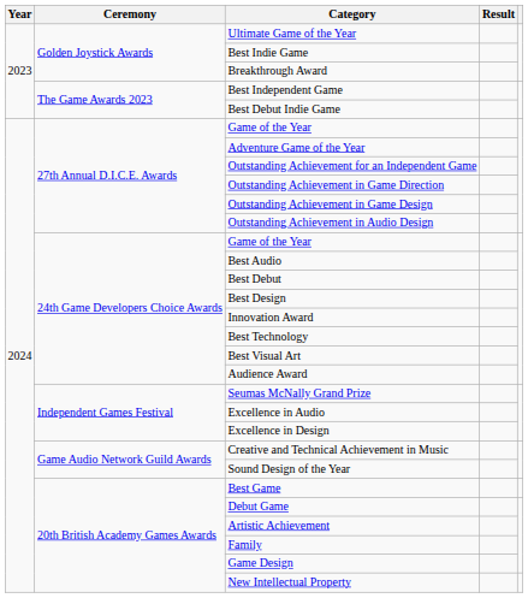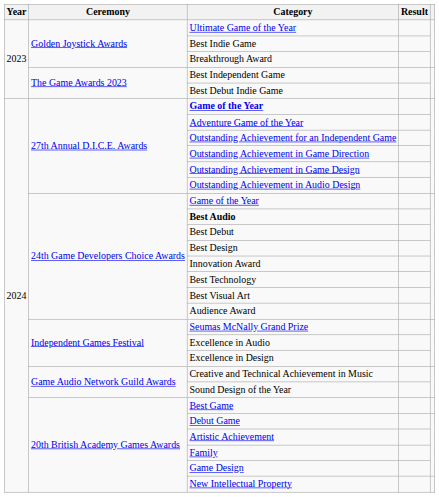 <table class="wikitable plainrowheaders sortable" width="auto">
 <tr>
 <th scope="col">Year</th>
 <th scope="col">Ceremony</th>
 <th scope="col">Category</th>
 <th scope="col">Result</th>
 <th scope="col" class="unsortable"></th>
 </tr>
 <tr>
 <td style="text-align:center;" rowspan="5">2023</td>
 <td rowspan="3"><a href='#'>Golden Joystick Awards</a></td>
 <td><a href='#'>Ultimate Game of the Year</a></td>
 <td></td>
 <td style="text-align:center;" rowspan="3"></td>
 </tr>
 <tr>
 <td>Best Indie Game</td>
 <td></td>
 </tr>
 <tr>
 <td>Breakthrough Award</td>
 <td></td>
 </tr>
 <tr>
 <td rowspan="2"><a href='#'>The Game Awards 2023</a></td>
 <td>Best Independent Game</td>
 <td></td>
 <td style="text-align:center;" rowspan="2"></td>
 </tr>
 <tr>
 <td>Best Debut Indie Game</td>
 <td></td>
 </tr>
 <tr>
 <td style="text-align:center;" rowspan="25">2024</td>
 <td rowspan="6"><a href='#'>27th Annual D.I.C.E. Awards</a></td>
-<td><a href='#'>Game of the Year</a></td>
+<td><strong><a href='#'>Game of the Year</a></strong></td>
 <td></td>
 <td style="text-align:center;" rowspan="6"></td>
 </tr>
 <tr>
 <td><a href='#'>Adventure Game of the Year</a></td>
 <td></td>
 </tr>
 <tr>
 <td><a href='#'>Outstanding Achievement for an Independent Game</a></td>
 <td></td>
 </tr>
 <tr>
 <td><a href='#'>Outstanding Achievement in Game Direction</a></td>
 <td></td>
 </tr>
 <tr>
 <td><a href='#'>Outstanding Achievement in Game Design</a></td>
 <td></td>
 </tr>
 <tr>
 <td><a href='#'>Outstanding Achievement in Audio Design</a></td>
 <td></td>
 </tr>
 <tr>
 <td rowspan="8"><a href='#'>24th Game Developers Choice Awards</a></td>
 <td><a href='#'>Game of the Year</a></td>
 <td></td>
 <td style="text-align:center;" rowspan="8"></td>
 </tr>
 <tr>
-<td>Best Audio</td>
+<td><strong>Best Audio</strong></td>
 <td></td>
 </tr>
 <tr>
 <td>Best Debut</td>
 <td></td>
 </tr>
 <tr>
 <td>Best Design</td>
 <td></td>
 </tr>
 <tr>
 <td>Innovation Award</td>
 <td></td>
 </tr>
 <tr>
 <td>Best Technology</td>
 <td></td>
 </tr>
 <tr>
 <td>Best Visual Art</td>
 <td></td>
 </tr>
 <tr>
 <td>Audience Award</td>
 <td></td>
 </tr>
 <tr>
 <td rowspan="3"><a href='#'>Independent Games Festival</a></td>
 <td><a href='#'>Seumas McNally Grand Prize</a></td>
 <td></td>
 <td style="text-align:center;" rowspan="3"></td>
 </tr>
 <tr>
 <td>Excellence in Audio</td>
 <td></td>
 </tr>
 <tr>
 <td>Excellence in Design</td>
 <td></td>
 </tr>
 <tr>
 <td rowspan="2"><a href='#'>Game Audio Network Guild Awards</a></td>
 <td>Creative and Technical Achievement in Music</td>
 <td></td>
 <td rowspan="2" style="text-align:center;"></td>
 </tr>
 <tr>
 <td>Sound Design of the Year</td>
 <td></td>
 </tr>
 <tr>
 <td rowspan="6"><a href='#'>20th British Academy Games Awards</a></td>
 <td><a href='#'>Best Game</a></td>
 <td></td>
 <td style="text-align:center;"></td>
 </tr>
 <tr>
 <td><a href='#'>Debut Game</a></td>
 <td></td>
 <td style="text-align:center;" rowspan="4'"></td>
 </tr>
 <tr>
 <td><a href='#'>Artistic Achievement</a></td>
 <td></td>
 </tr>
 <tr>
 <td><a href='#'>Family</a></td>
 <td></td>
 </tr>
 <tr>
 <td><a href='#'>Game Design</a></td>
 <td></td>
 </tr>
 <tr>
 <td><a href='#'>New Intellectual Property</a></td>
 <td></td>
 <td style="text-align:center;"></td>
 </tr>
 </table>
